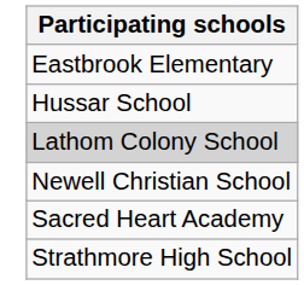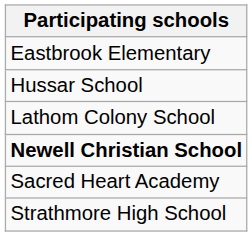 <table class="wikitable" align=right>
 <tr>
 <th>Participating schools</th>
 </tr>
 <tr>
 <td>Eastbrook Elementary</td>
 </tr>
 <tr>
 <td>Hussar School</td>
 </tr>
 <tr>
-<td style="background: lightgrey;">Lathom Colony School</td>
+<td>Lathom Colony School</td>
 </tr>
 <tr>
-<td>Newell Christian School</td>
+<td><strong>Newell Christian School</strong></td>
 </tr>
 <tr>
 <td>Sacred Heart Academy</td>
 </tr>
 <tr>
 <td>Strathmore High School</td>
 </tr>
 </table>
